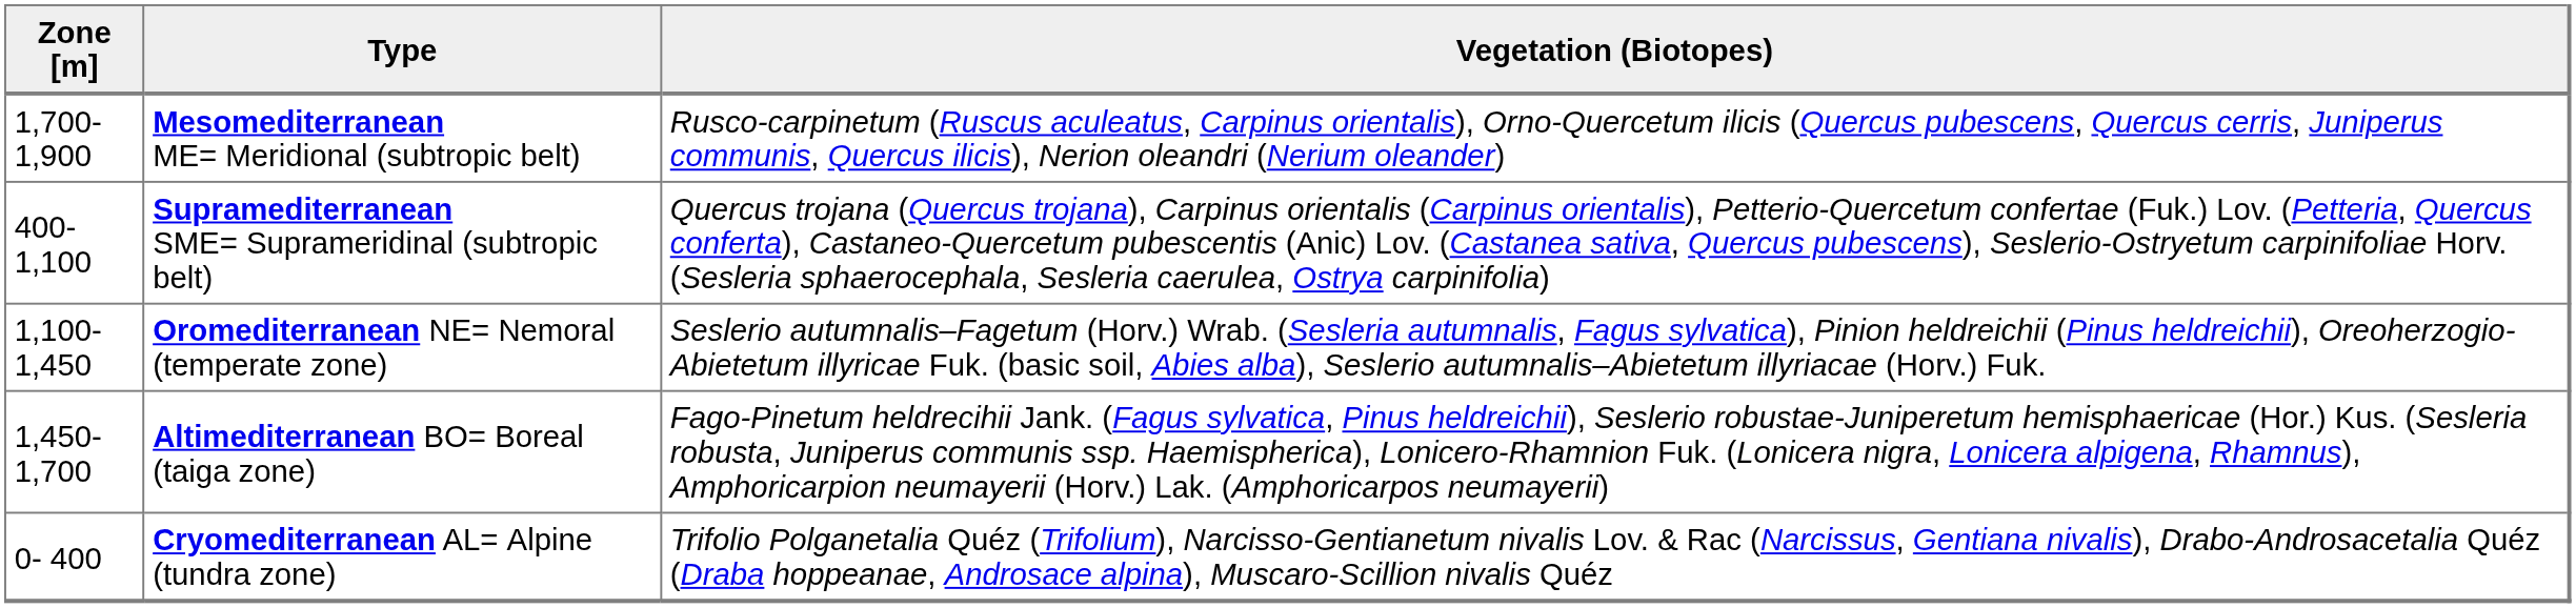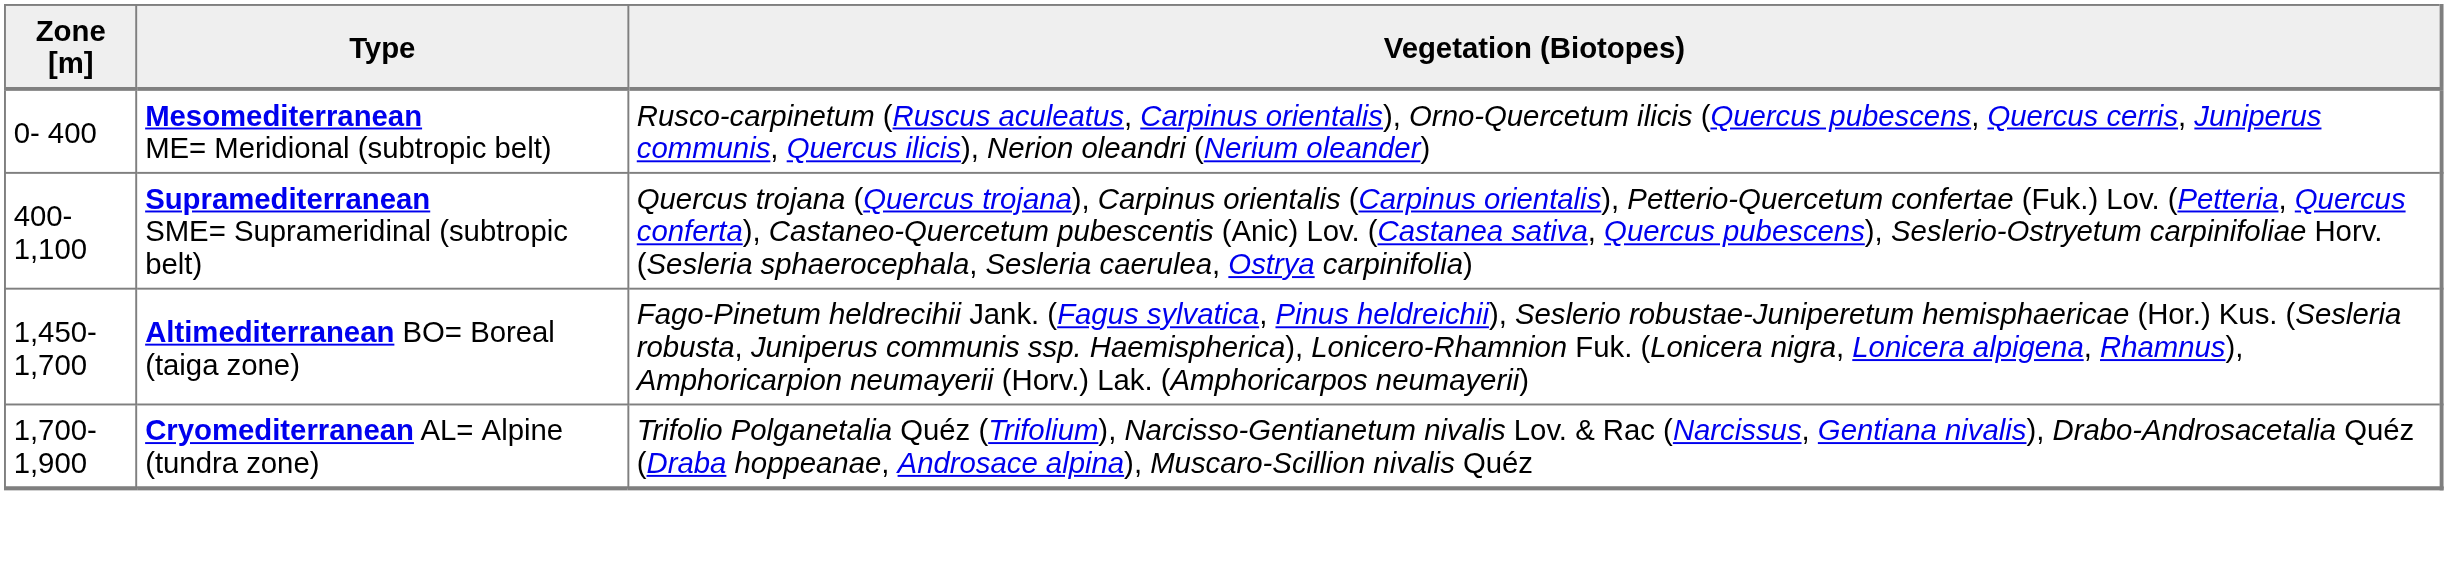 <table border=1 cellpadding=4 cellspacing=0 class="toccolours" style="align: left; margin: 0.5em 0 0 0; border-style: solid; border: 1px solid #7f7f7f; border-right-width: 2px; border-bottom-width: 2px; border-collapse: collapse; font-size: 95%;">
 <tr>
 <th style="background: #efefef; border-bottom: 2px solid gray;">Zone [m]</th>
 <th style="background: #efefef; border-bottom: 2px solid gray;">Type</th>
 <th style="background: #efefef; border-bottom: 2px solid gray;">Vegetation (Biotopes)</th>
 </tr>
 <tr>
-<td>1,700- 1,900</td>
+<td>0- 400</td>
 <td><strong><a href='#'>Mesomediterranean</a></strong> ME= Meridional (subtropic belt)</td>
 <td><em>Rusco-carpinetum</em> (<em><a href='#'>Ruscus aculeatus</a></em>, <em><a href='#'>Carpinus orientalis</a></em>), <em>Orno-Quercetum ilicis</em> (<em><a href='#'>Quercus pubescens</a></em>, <em><a href='#'>Quercus cerris</a></em>, <em><a href='#'>Juniperus communis</a></em>, <em><a href='#'>Quercus ilicis</a></em>), <em>Nerion oleandri</em> (<em><a href='#'>Nerium oleander</a></em>)</td>
 </tr>
 <tr>
 <td>400- 1,100</td>
 <td><strong><a href='#'>Supramediterranean</a></strong> SME= Suprameridinal (subtropic belt)</td>
 <td><em>Quercus trojana</em> (<em><a href='#'>Quercus trojana</a></em>), <em>Carpinus orientalis</em> (<em><a href='#'>Carpinus orientalis</a></em>), <em>Petterio-Quercetum confertae</em> (Fuk.) Lov. (<em><a href='#'>Petteria</a></em>, <em><a href='#'>Quercus conferta</a></em>), <em>Castaneo-Quercetum pubescentis</em> (Anic) Lov. (<em><a href='#'>Castanea sativa</a></em>, <em><a href='#'>Quercus pubescens</a></em>), <em>Seslerio-Ostryetum carpinifoliae</em> Horv. (<em>Sesleria sphaerocephala</em>, <em>Sesleria caerulea</em>, <em><a href='#'>Ostrya</a> carpinifolia</em>)</td>
 </tr>
 <tr>
-<td>1,100- 1,450</td>
-<td><strong><a href='#'>Oromediterranean</a></strong> NE= Nemoral (temperate zone)</td>
-<td><em>Seslerio autumnalis–Fagetum</em> (Horv.) Wrab. (<em><a href='#'>Sesleria autumnalis</a></em>, <em><a href='#'>Fagus sylvatica</a></em>), <em>Pinion heldreichii</em> (<em><a href='#'>Pinus heldreichii</a></em>), <em>Oreoherzogio-Abietetum illyricae</em> Fuk. (basic soil, <em><a href='#'>Abies alba</a></em>), <em>Seslerio autumnalis–Abietetum illyriacae</em> (Horv.) Fuk.</td>
-</tr>
-<tr>
 <td>1,450- 1,700</td>
 <td><strong><a href='#'>Altimediterranean</a></strong> BO= Boreal (taiga zone)</td>
 <td><em>Fago-Pinetum heldrecihii</em> Jank. (<em><a href='#'>Fagus sylvatica</a></em>, <em><a href='#'>Pinus heldreichii</a></em>), <em>Seslerio robustae-Juniperetum hemisphaericae</em> (Hor.) Kus. (<em>Sesleria robusta</em>, <em>Juniperus communis ssp. Haemispherica</em>), <em>Lonicero-Rhamnion</em> Fuk. (<em>Lonicera nigra</em>, <em><a href='#'>Lonicera alpigena</a></em>, <em><a href='#'>Rhamnus</a></em>), <em>Amphoricarpion neumayerii</em> (Horv.) Lak. (<em>Amphoricarpos neumayerii</em>)</td>
 </tr>
 <tr>
-<td>0- 400</td>
+<td>1,700- 1,900</td>
 <td><strong><a href='#'>Cryomediterranean</a></strong> AL= Alpine (tundra zone)</td>
 <td><em>Trifolio Polganetalia</em> Quéz (<em><a href='#'>Trifolium</a></em>), <em>Narcisso-Gentianetum nivalis</em> Lov. & Rac (<em><a href='#'>Narcissus</a></em>, <em><a href='#'>Gentiana nivalis</a></em>), <em>Drabo-Androsacetalia</em> Quéz (<em><a href='#'>Draba</a> hoppeanae</em>, <em><a href='#'>Androsace alpina</a></em>), <em>Muscaro-Scillion nivalis</em> Quéz</td>
 </tr>
 <tr>
 </tr>
 </table>
